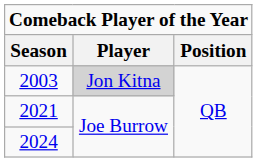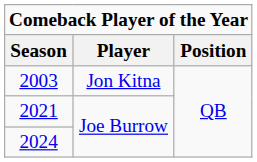 <table class="wikitable sortable" style="text-align:center">
 <tr>
 <td colspan="4"><strong>Comeback Player of the Year</strong></td>
 </tr>
 <tr>
 <th>Season</th>
 <th>Player</th>
 <th>Position</th>
 </tr>
 <tr>
 <td><a href='#'>2003</a></td>
-<td style="background: lightgrey;"><a href='#'>Jon Kitna</a></td>
+<td><a href='#'>Jon Kitna</a></td>
 <td rowspan=3><a href='#'>QB</a></td>
 </tr>
 <tr>
 <td><a href='#'>2021</a></td>
 <td rowspan=2><a href='#'>Joe Burrow</a></td>
 </tr>
 <tr>
 <td><a href='#'>2024</a></td>
 </tr>
 </table>
